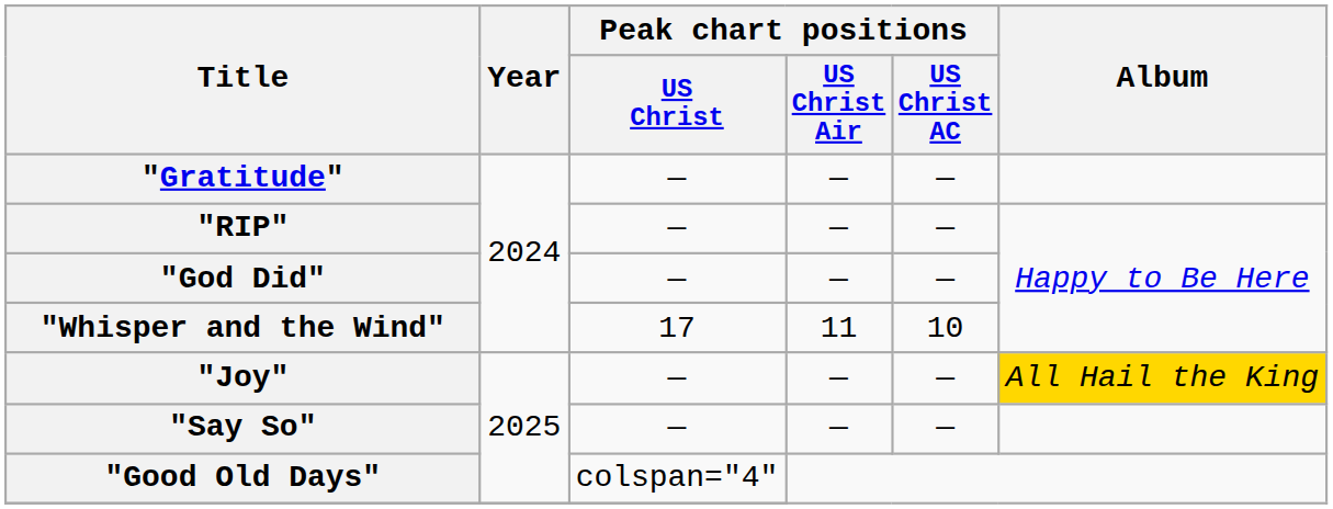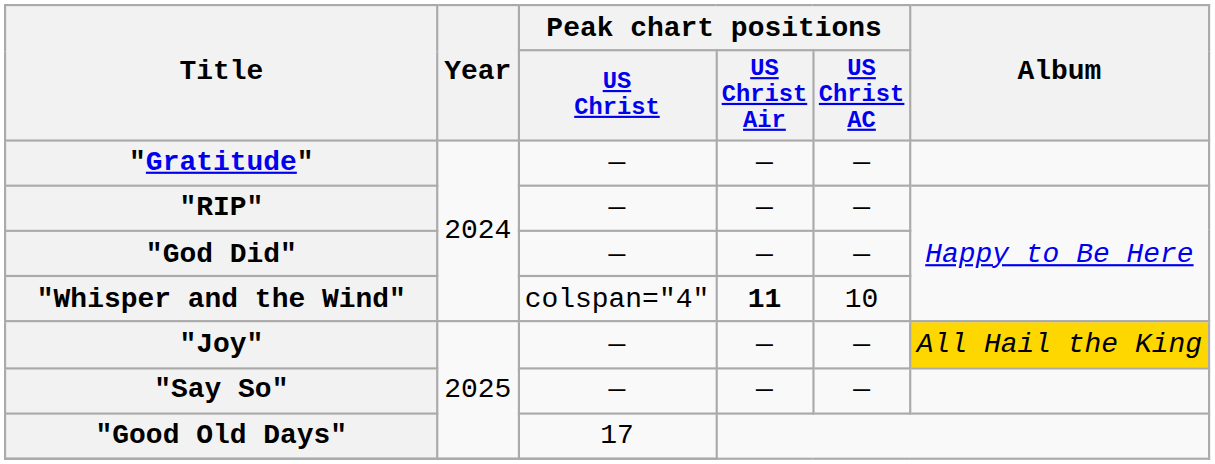 <table class="wikitable plainrowheaders" style="text-align:center;">
 <tr>
 <th rowspan="2" scope="col" style="width:15em;">Title</th>
 <th rowspan="2">Year</th>
 <th colspan="3">Peak chart positions</th>
 <th rowspan="2">Album</th>
 </tr>
 <tr>
 <th scope="col" style="width:3em;font-size:85%;"><a href='#'>US<br>Christ</a><br></th>
 <th scope="col" style="width:3em;font-size:85%;"><a href='#'>US<br>Christ<br>Air</a><br></th>
 <th scope="col" style="width:3em;font-size:85%;"><a href='#'>US<br>Christ<br>AC</a><br></th>
 </tr>
 <tr>
 <th scope="row">"<a href='#'>Gratitude</a>"<br></th>
 <td rowspan="4">2024</td>
 <td>—</td>
 <td>—</td>
 <td>—</td>
 <td></td>
 </tr>
 <tr>
 <th scope="row">"RIP"</th>
 <td>—</td>
 <td>—</td>
 <td>—</td>
 <td rowspan="3"><em><a href='#'>Happy to Be Here</a></em></td>
 </tr>
 <tr>
 <th scope="row">"God Did"</th>
 <td>—</td>
 <td>—</td>
 <td>—</td>
 </tr>
 <tr>
 <th scope="row">"Whisper and the Wind"</th>
-<td>17</td>
-<td>11</td>
+<td>colspan="4" </td>
+<td><strong>11</strong></td>
 <td>10</td>
 </tr>
 <tr>
 <th scope="row">"Joy"<br></th>
 <td rowspan="3">2025</td>
 <td>—</td>
 <td>—</td>
 <td>—</td>
 <td style="background: gold;"><em>All Hail the King</em></td>
 </tr>
 <tr>
 <th scope="row">"Say So"</th>
 <td>—</td>
 <td>—</td>
 <td>—</td>
 <td></td>
 </tr>
 <tr>
 <th scope="row">"Good Old Days"</th>
-<td>colspan="4" </td>
+<td>17</td>
 </tr>
 <tr>
 </tr>
 </table>
